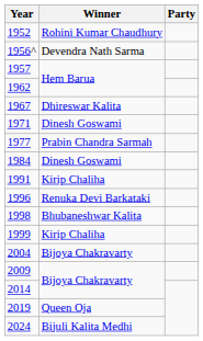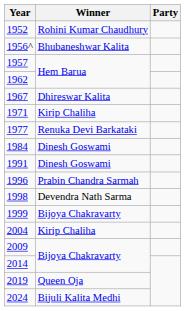 <table class="wikitable sortable">
 <tr>
 <th>Year</th>
 <th>Winner</th>
 <th colspan="2">Party</th>
 </tr>
 <tr>
 <td><a href='#'>1952</a></td>
 <td><a href='#'>Rohini Kumar Chaudhury</a></td>
 <td></td>
 </tr>
 <tr>
 <td><a href='#'>1956</a>^</td>
-<td>Devendra Nath Sarma</td>
+<td><a href='#'>Bhubaneshwar Kalita</a></td>
 </tr>
 <tr>
 <td><a href='#'>1957</a></td>
 <td rowspan="2"><a href='#'>Hem Barua</a></td>
 <td></td>
 </tr>
 <tr>
 <td><a href='#'>1962</a></td>
 </tr>
 <tr>
 <td><a href='#'>1967</a></td>
 <td><a href='#'>Dhireswar Kalita</a></td>
 <td></td>
 </tr>
 <tr>
 <td><a href='#'>1971</a></td>
-<td><a href='#'>Dinesh Goswami</a></td>
+<td><a href='#'>Kirip Chaliha</a></td>
 <td></td>
 </tr>
 <tr>
 <td><a href='#'>1977</a></td>
-<td><a href='#'>Prabin Chandra Sarmah</a></td>
+<td><a href='#'>Renuka Devi Barkataki</a></td>
 <td></td>
 </tr>
 <tr>
 <td><a href='#'>1984</a></td>
 <td><a href='#'>Dinesh Goswami</a></td>
 <td></td>
 </tr>
 <tr>
 <td><a href='#'>1991</a></td>
-<td><a href='#'>Kirip Chaliha</a></td>
+<td><a href='#'>Dinesh Goswami</a></td>
 <td></td>
 </tr>
 <tr>
 <td><a href='#'>1996</a></td>
-<td><a href='#'>Renuka Devi Barkataki</a></td>
+<td><a href='#'>Prabin Chandra Sarmah</a></td>
 <td></td>
 </tr>
 <tr>
 <td><a href='#'>1998</a></td>
-<td><a href='#'>Bhubaneshwar Kalita</a></td>
+<td>Devendra Nath Sarma</td>
 <td></td>
 </tr>
 <tr>
 <td><a href='#'>1999</a></td>
-<td><a href='#'>Kirip Chaliha</a></td>
+<td><a href='#'>Bijoya Chakravarty</a></td>
 <td></td>
 </tr>
 <tr>
 <td><a href='#'>2004</a></td>
-<td><a href='#'>Bijoya Chakravarty</a></td>
+<td><a href='#'>Kirip Chaliha</a></td>
 <td></td>
 </tr>
 <tr>
 <td><a href='#'>2009</a></td>
 <td rowspan="2"><a href='#'>Bijoya Chakravarty</a></td>
 <td></td>
 </tr>
 <tr>
 <td><a href='#'>2014</a></td>
 </tr>
 <tr>
 <td><a href='#'>2019</a></td>
 <td><a href='#'>Queen Oja</a></td>
 </tr>
 <tr>
 <td><a href='#'>2024</a></td>
 <td><a href='#'>Bijuli Kalita Medhi</a></td>
 </tr>
 </table>
